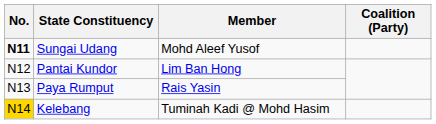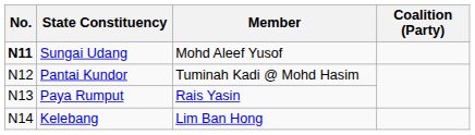 <table class="wikitable">
 <tr>
 <th width="30">No.</th>
 <th width="150">State Constituency</th>
 <th width="230">Member</th>
 <th width="100">Coalition (Party)</th>
 </tr>
 <tr>
 <td><strong>N11</strong></td>
 <td><a href='#'>Sungai Udang</a></td>
 <td>Mohd Aleef Yusof</td>
 <td></td>
 </tr>
 <tr>
 <td>N12</td>
 <td><a href='#'>Pantai Kundor</a></td>
-<td><a href='#'>Lim Ban Hong</a></td>
+<td>Tuminah Kadi @ Mohd Hasim</td>
 <td rowspan="2"></td>
 </tr>
 <tr>
 <td>N13</td>
 <td><a href='#'>Paya Rumput</a></td>
 <td><a href='#'>Rais Yasin</a></td>
 </tr>
 <tr>
-<td style="background: gold;">N14</td>
+<td>N14</td>
 <td><a href='#'>Kelebang</a></td>
-<td>Tuminah Kadi @ Mohd Hasim</td>
+<td><a href='#'>Lim Ban Hong</a></td>
 <td></td>
 </tr>
 </table>
